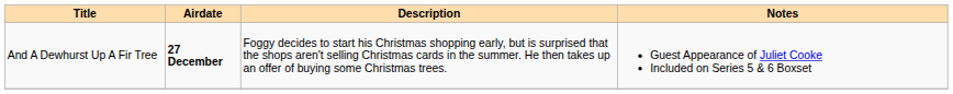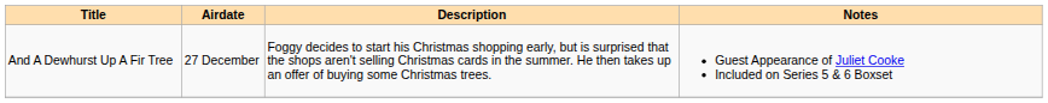 <table class="wikitable" width=100% border=1 style="font-size: 95%">
 <tr>
 <th style="background:#ffdead" width=17%>Title</th>
 <th style="background:#ffdead" width=8%>Airdate</th>
 <th style="background:#ffdead" width=40%>Description</th>
 <th style="background:#ffdead" width=35%>Notes</th>
 </tr>
 <tr>
 <td>And A Dewhurst Up A Fir Tree</td>
-<td><strong>27 December</strong></td>
+<td>27 December</td>
 <td>Foggy decides to start his Christmas shopping early, but is surprised that the shops aren't selling Christmas cards in the summer. He then takes up an offer of buying some Christmas trees.</td>
 <td><br><ul><li>Guest Appearance of <a href='#'>Juliet Cooke</a></li><li>Included on Series 5 & 6 Boxset</li></ul></td>
 </tr>
 <tr>
 </tr>
 </table>
